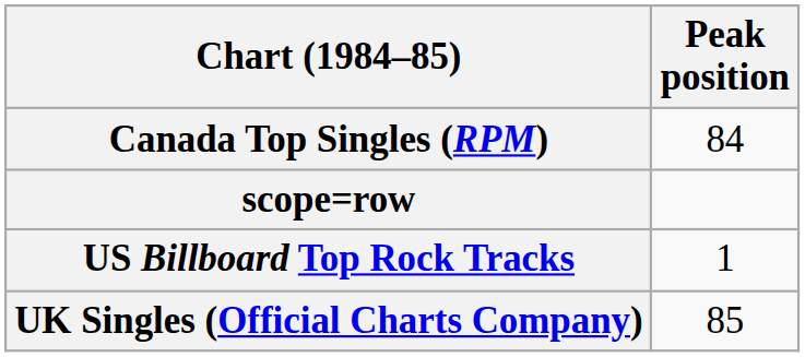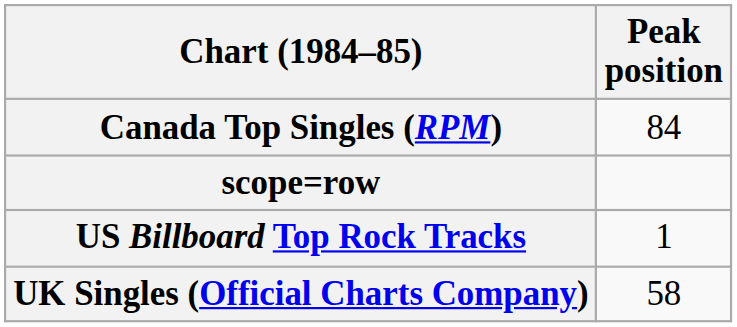 <table class="wikitable sortable plainrowheaders" style="text-align:center;">
 <tr>
 <th scope="col">Chart (1984–85)</th>
 <th scope="col">Peak<br>position</th>
 </tr>
 <tr>
 <th scope=row>Canada Top Singles (<em><a href='#'>RPM</a></em>)</th>
 <td style="text-align:center;">84</td>
 </tr>
 <tr>
 <th>scope=row</th>
 </tr>
 <tr>
 <th scope=row>US <em>Billboard</em> <a href='#'>Top Rock Tracks</a></th>
 <td>1</td>
 </tr>
 <tr>
 <th scope=row>UK Singles (<a href='#'>Official Charts Company</a>)</th>
-<td>85</td>
+<td>58</td>
 </tr>
 </table>
